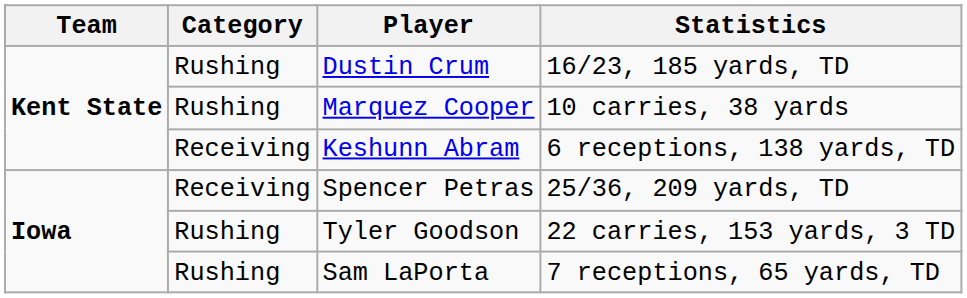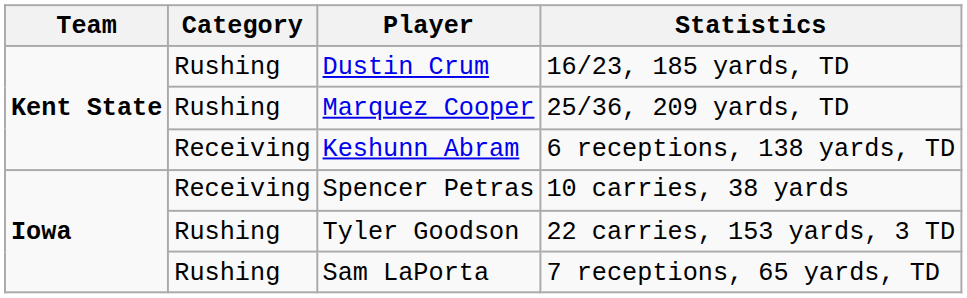 <table class="wikitable" style="float: left;">
 <tr>
 <th>Team</th>
 <th>Category</th>
 <th>Player</th>
 <th>Statistics</th>
 </tr>
 <tr>
 <td rowspan=3><strong>Kent State</strong></td>
 <td>Rushing</td>
 <td><a href='#'>Dustin Crum</a></td>
 <td>16/23, 185 yards, TD</td>
 </tr>
 <tr>
 <td>Rushing</td>
 <td><a href='#'>Marquez Cooper</a></td>
-<td>10 carries, 38 yards</td>
+<td>25/36, 209 yards, TD</td>
 </tr>
 <tr>
 <td>Receiving</td>
 <td><a href='#'>Keshunn Abram</a></td>
 <td>6 receptions, 138 yards, TD</td>
 </tr>
 <tr>
 <td rowspan=3><strong>Iowa</strong></td>
 <td>Receiving</td>
 <td>Spencer Petras</td>
-<td>25/36, 209 yards, TD</td>
+<td>10 carries, 38 yards</td>
 </tr>
 <tr>
 <td>Rushing</td>
 <td>Tyler Goodson</td>
 <td>22 carries, 153 yards, 3 TD</td>
 </tr>
 <tr>
 <td>Rushing</td>
 <td>Sam LaPorta</td>
 <td>7 receptions, 65 yards, TD</td>
 </tr>
 </table>
